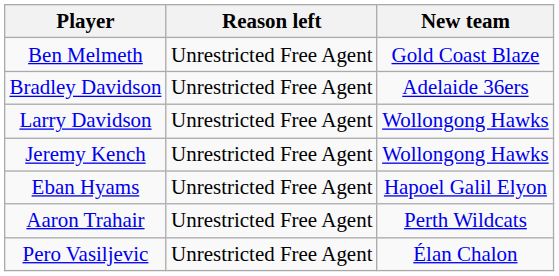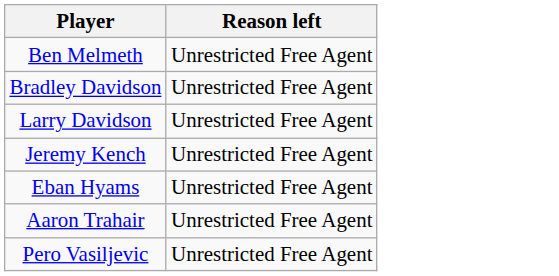 <table class="wikitable sortable sortable" style="text-align: center">
 <tr>
 <th>Player</th>
 <th>Reason left</th>
-<th>New team</th>
 </tr>
 <tr>
 <td><a href='#'>Ben Melmeth</a></td>
 <td>Unrestricted Free Agent</td>
-<td><a href='#'>Gold Coast Blaze</a></td>
 </tr>
 <tr>
 <td><a href='#'>Bradley Davidson</a></td>
 <td>Unrestricted Free Agent</td>
-<td><a href='#'>Adelaide 36ers</a></td>
 </tr>
 <tr>
 <td><a href='#'>Larry Davidson</a></td>
 <td>Unrestricted Free Agent</td>
-<td><a href='#'>Wollongong Hawks</a></td>
 </tr>
 <tr>
 <td><a href='#'>Jeremy Kench</a></td>
 <td>Unrestricted Free Agent</td>
-<td><a href='#'>Wollongong Hawks</a></td>
 </tr>
 <tr>
 <td><a href='#'>Eban Hyams</a></td>
 <td>Unrestricted Free Agent</td>
-<td><a href='#'>Hapoel Galil Elyon</a></td>
 </tr>
 <tr>
 <td><a href='#'>Aaron Trahair</a></td>
 <td>Unrestricted Free Agent</td>
-<td><a href='#'>Perth Wildcats</a></td>
 </tr>
 <tr>
 <td><a href='#'>Pero Vasiljevic</a></td>
 <td>Unrestricted Free Agent</td>
-<td><a href='#'>Élan Chalon</a></td>
 </tr>
 </table>
